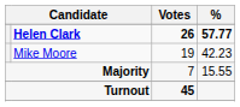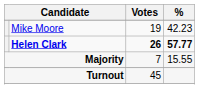 <table class="wikitable" style="font-size: 95%;">
 <tr style="background-color:#E9E9E9">
 <th colspan="2" style="width: 170px">Candidate</th>
 <th style="width: 50px">Votes</th>
 <th style="width: 40px">%</th>
 </tr>
 <tr>
 </tr>
 <tr>
 <th style="background-color: "></th>
+<td style="width: 170px"><a href='#'>Mike Moore</a></td>
+<td align="right">19</td>
+<td align="right">42.23</td>
+</tr>
+<tr>
+<th style="background-color: "></th>
 <td style="width: 170px"><strong><a href='#'>Helen Clark</a></strong></td>
 <td align="right"><strong>26</strong></td>
 <td align="right"><strong>57.77</strong></td>
-</tr>
-<tr>
-<th style="background-color: "></th>
-<td style="width: 170px"><a href='#'>Mike Moore</a></td>
-<td align="right">19</td>
-<td align="right">42.23</td>
 </tr>
 <tr style="background-color:#F6F6F6">
 <td colspan="2" align="right"><strong>Majority</strong></td>
 <td align="right">7</td>
 <td align="right">15.55</td>
 </tr>
 <tr>
 </tr>
 <tr style="background-color:#F6F6F6">
 <td colspan="2" align="right"><strong>Turnout</strong></td>
-<td align="right"><strong>45</strong></td>
+<td align="right">45</td>
 <td></td>
 </tr>
 <tr>
 </tr>
 <tr style="background-color:#F6F6F6">
 </tr>
 </table>
